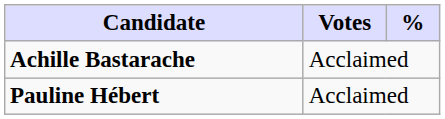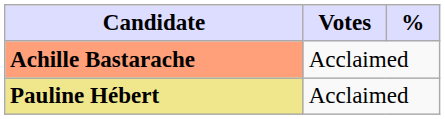 <table class="wikitable">
 <tr>
 <th style="background:#ddf; width:200px;">Candidate</th>
 <th style="background:#ddf; width:50px;">Votes</th>
 <th style="background:#ddf; width:30px;">%</th>
 </tr>
 <tr>
-<td><strong>Achille Bastarache</strong></td>
+<td style="background: lightsalmon;"><strong>Achille Bastarache</strong></td>
 <td colspan="2">Acclaimed</td>
 </tr>
 <tr>
-<td><strong>Pauline Hébert</strong></td>
+<td style="background: khaki;"><strong>Pauline Hébert</strong></td>
 <td colspan="2">Acclaimed</td>
 </tr>
 </table>
